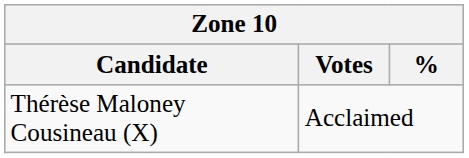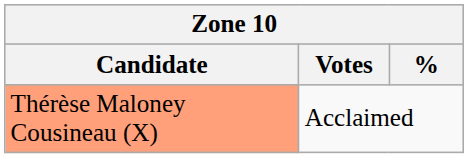 <table class="wikitable">
 <tr>
 <th colspan="3">Zone 10</th>
 </tr>
 <tr>
 <th style="width: 180px">Candidate</th>
 <th style="width: 50px">Votes</th>
 <th style="width: 40px">%</th>
 </tr>
 <tr>
-<td>Thérèse Maloney Cousineau (X)</td>
+<td style="background: lightsalmon;">Thérèse Maloney Cousineau (X)</td>
 <td colspan="2">Acclaimed</td>
 </tr>
 </table>
